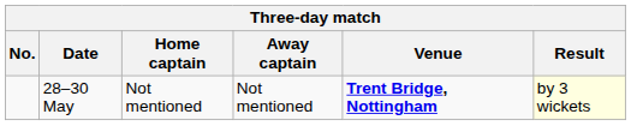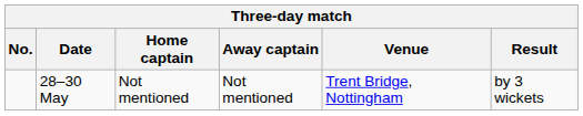 <table class="wikitable">
 <tr>
 <th colspan="9">Three-day match</th>
 </tr>
 <tr>
 <th>No.</th>
 <th>Date</th>
 <th>Home captain</th>
 <th>Away captain</th>
 <th>Venue</th>
 <th>Result</th>
 </tr>
 <tr>
 <td></td>
 <td>28–30 May</td>
 <td>Not mentioned</td>
 <td>Not mentioned</td>
-<td><strong><a href='#'>Trent Bridge</a>, <a href='#'>Nottingham</a></strong></td>
-<td style="background: lightyellow;"> by 3 wickets</td>
+<td><a href='#'>Trent Bridge</a>, <a href='#'>Nottingham</a></td>
+<td> by 3 wickets</td>
 </tr>
 </table>
